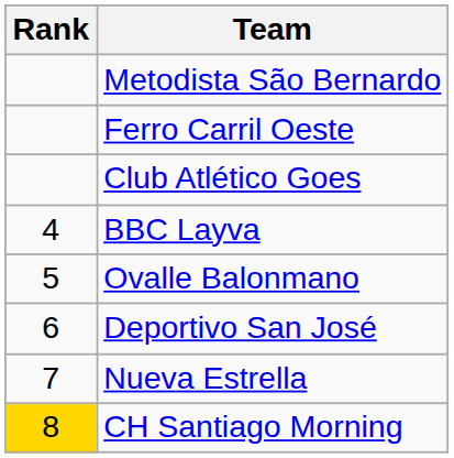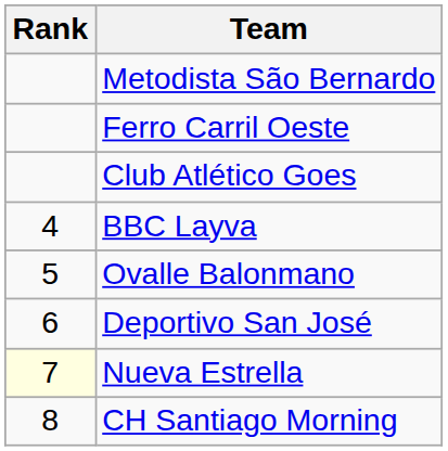 <table class="wikitable">
 <tr>
 <th>Rank</th>
 <th>Team</th>
 </tr>
 <tr>
 <td align=center></td>
 <td> <a href='#'>Metodista São Bernardo</a></td>
 </tr>
 <tr>
 <td align=center></td>
 <td> <a href='#'>Ferro Carril Oeste</a></td>
 </tr>
 <tr>
 <td align=center></td>
 <td> <a href='#'>Club Atlético Goes</a></td>
 </tr>
 <tr>
 <td align=center>4</td>
 <td> <a href='#'>BBC Layva</a></td>
 </tr>
 <tr>
 <td align=center>5</td>
 <td> <a href='#'>Ovalle Balonmano</a></td>
 </tr>
 <tr>
 <td align=center>6</td>
 <td> <a href='#'>Deportivo San José</a></td>
 </tr>
 <tr>
-<td align=center>7</td>
+<td align=center style="background: lightyellow;">7</td>
 <td> <a href='#'>Nueva Estrella</a></td>
 </tr>
 <tr>
-<td align=center style="background: gold;">8</td>
+<td align=center>8</td>
 <td> <a href='#'>CH Santiago Morning</a></td>
 </tr>
 </table>
